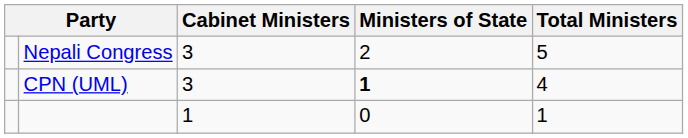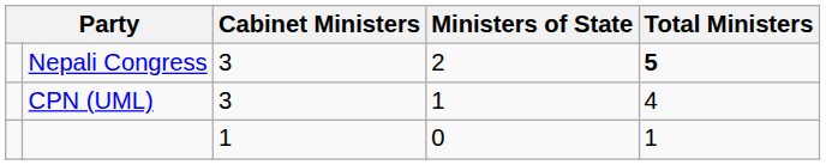 <table class="wikitable">
 <tr>
 <th colspan="2">Party</th>
 <th>Cabinet Ministers</th>
 <th>Ministers of State</th>
 <th>Total Ministers</th>
 </tr>
 <tr>
 <td width="4px"></td>
 <td><a href='#'>Nepali Congress</a></td>
 <td>3</td>
 <td>2</td>
-<td>5</td>
+<td><strong>5</strong></td>
 </tr>
 <tr>
 <td width="4px"></td>
 <td><a href='#'>CPN (UML)</a></td>
 <td>3</td>
-<td><strong>1</strong></td>
+<td>1</td>
 <td>4</td>
 </tr>
 <tr>
 <td></td>
 <td></td>
 <td>1</td>
 <td>0</td>
 <td>1</td>
 </tr>
 </table>
